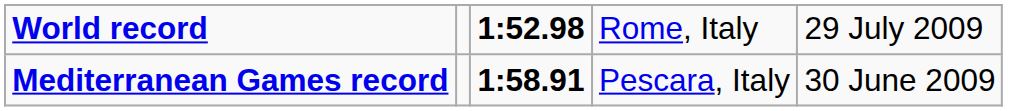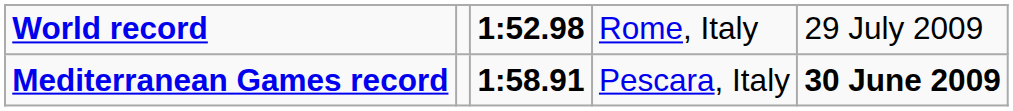 <table class="wikitable">
 <tr>
 <td><strong><a href='#'>World record</a></strong></td>
 <td></td>
 <td><strong>1:52.98</strong></td>
 <td><a href='#'>Rome</a>, Italy</td>
 <td>29 July 2009</td>
 </tr>
 <tr>
 <td><strong><a href='#'>Mediterranean Games record</a></strong></td>
 <td></td>
 <td><strong>1:58.91</strong></td>
 <td><a href='#'>Pescara</a>, Italy</td>
-<td>30 June 2009</td>
+<td><strong>30 June 2009</strong></td>
 </tr>
 </table>
